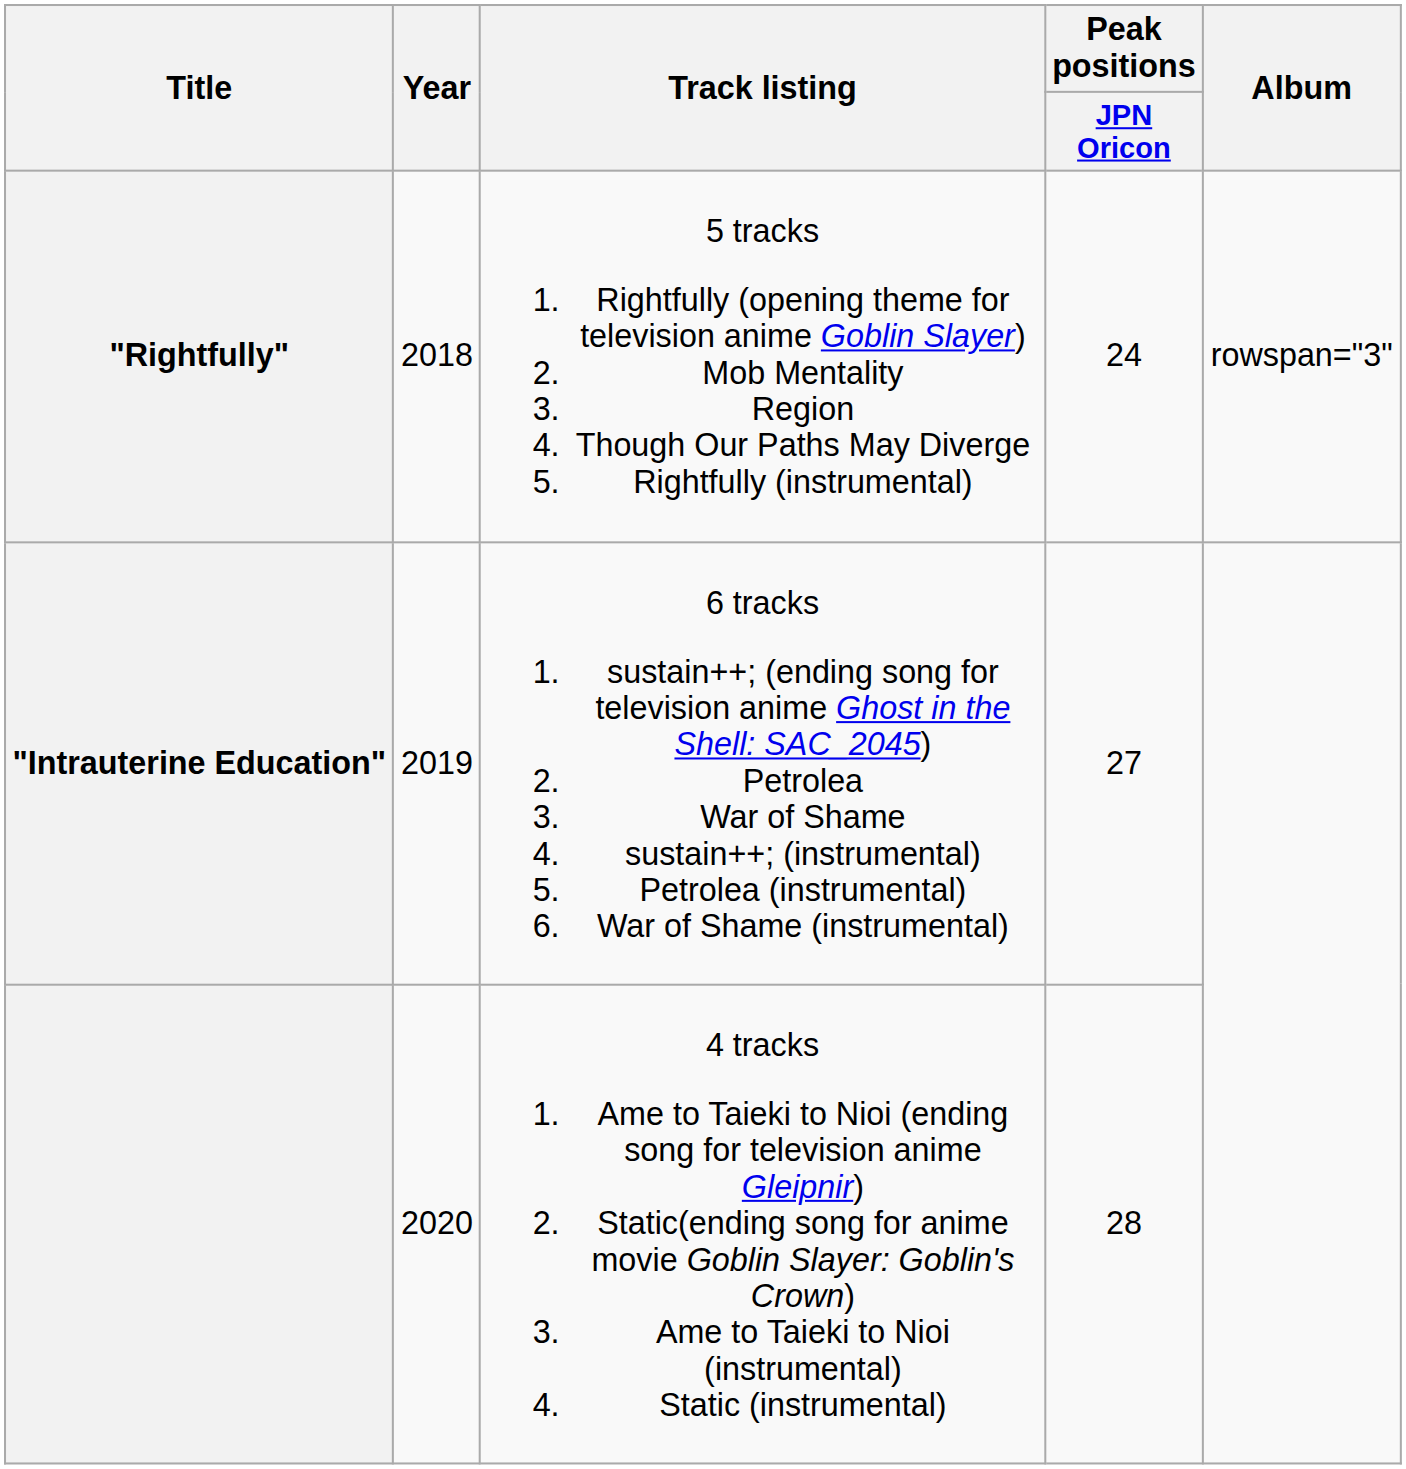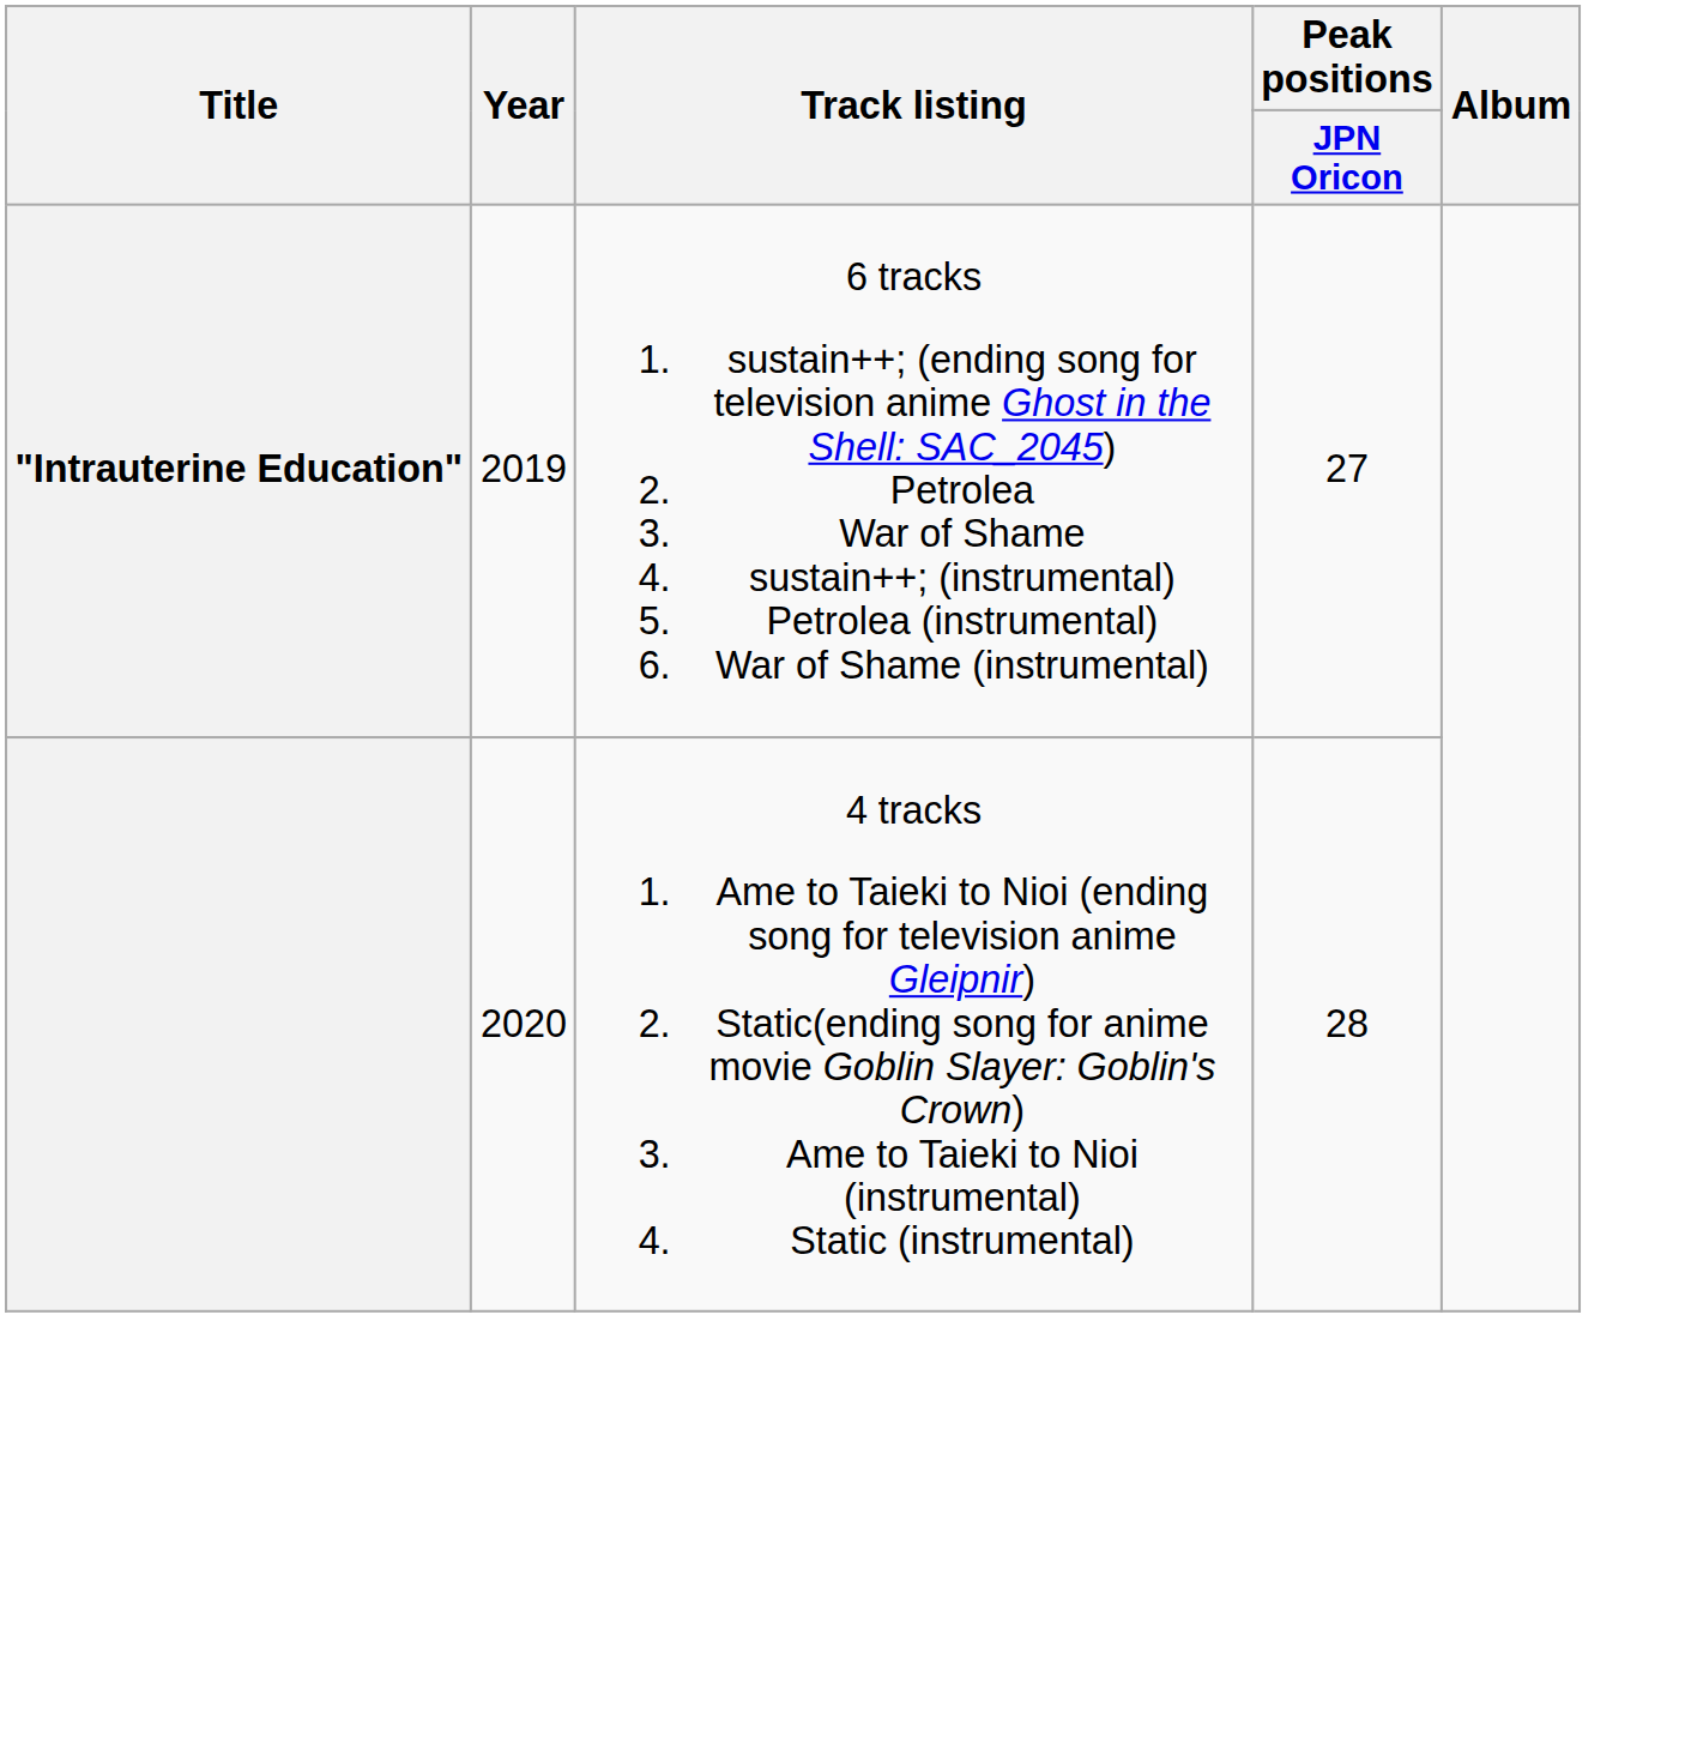 <table class="wikitable plainrowheaders" style="text-align:center;">
 <tr>
 <th scope="col" rowspan="2">Title</th>
 <th scope="col" rowspan="2">Year</th>
 <th scope="col" rowspan="2">Track listing</th>
 <th scope="col" colspan="1">Peak positions</th>
 <th scope="col" rowspan="2">Album</th>
 </tr>
 <tr>
 <th scope="col" style="width:4em;font-size:90%"><a href='#'>JPN<br>Oricon</a><br></th>
-</tr>
-<tr>
-<th scope="row">"Rightfully"</th>
-<td>2018</td>
-<td style="width:17em"><br>5 tracks<ol><li>Rightfully (opening theme for television anime <em><a href='#'>Goblin Slayer</a></em>)</li><li>Mob Mentality</li><li>Region</li><li>Though Our Paths May Diverge</li><li>Rightfully (instrumental)</li></ol></td>
-<td>24</td>
-<td>rowspan="3" </td>
 </tr>
 <tr>
 <th scope="row">"Intrauterine Education"</th>
 <td>2019</td>
 <td style="width:17em"><br>6 tracks<ol><li>sustain++; (ending song for television anime <em><a href='#'>Ghost in the Shell: SAC_2045</a></em>)</li><li>Petrolea</li><li>War of Shame</li><li>sustain++; (instrumental)</li><li>Petrolea (instrumental)</li><li>War of Shame (instrumental)</li></ol></td>
 <td>27</td>
 </tr>
 <tr>
 <th scope="row"></th>
 <td>2020</td>
 <td style="width:17em"><br>4 tracks<ol><li>Ame to Taieki to Nioi (ending song for television anime <em><a href='#'>Gleipnir</a></em>)</li><li>Static(ending song for anime movie <em>Goblin Slayer: Goblin's Crown</em>)</li><li>Ame to Taieki to Nioi (instrumental)</li><li>Static (instrumental)</li></ol></td>
 <td>28</td>
 </tr>
 </table>
